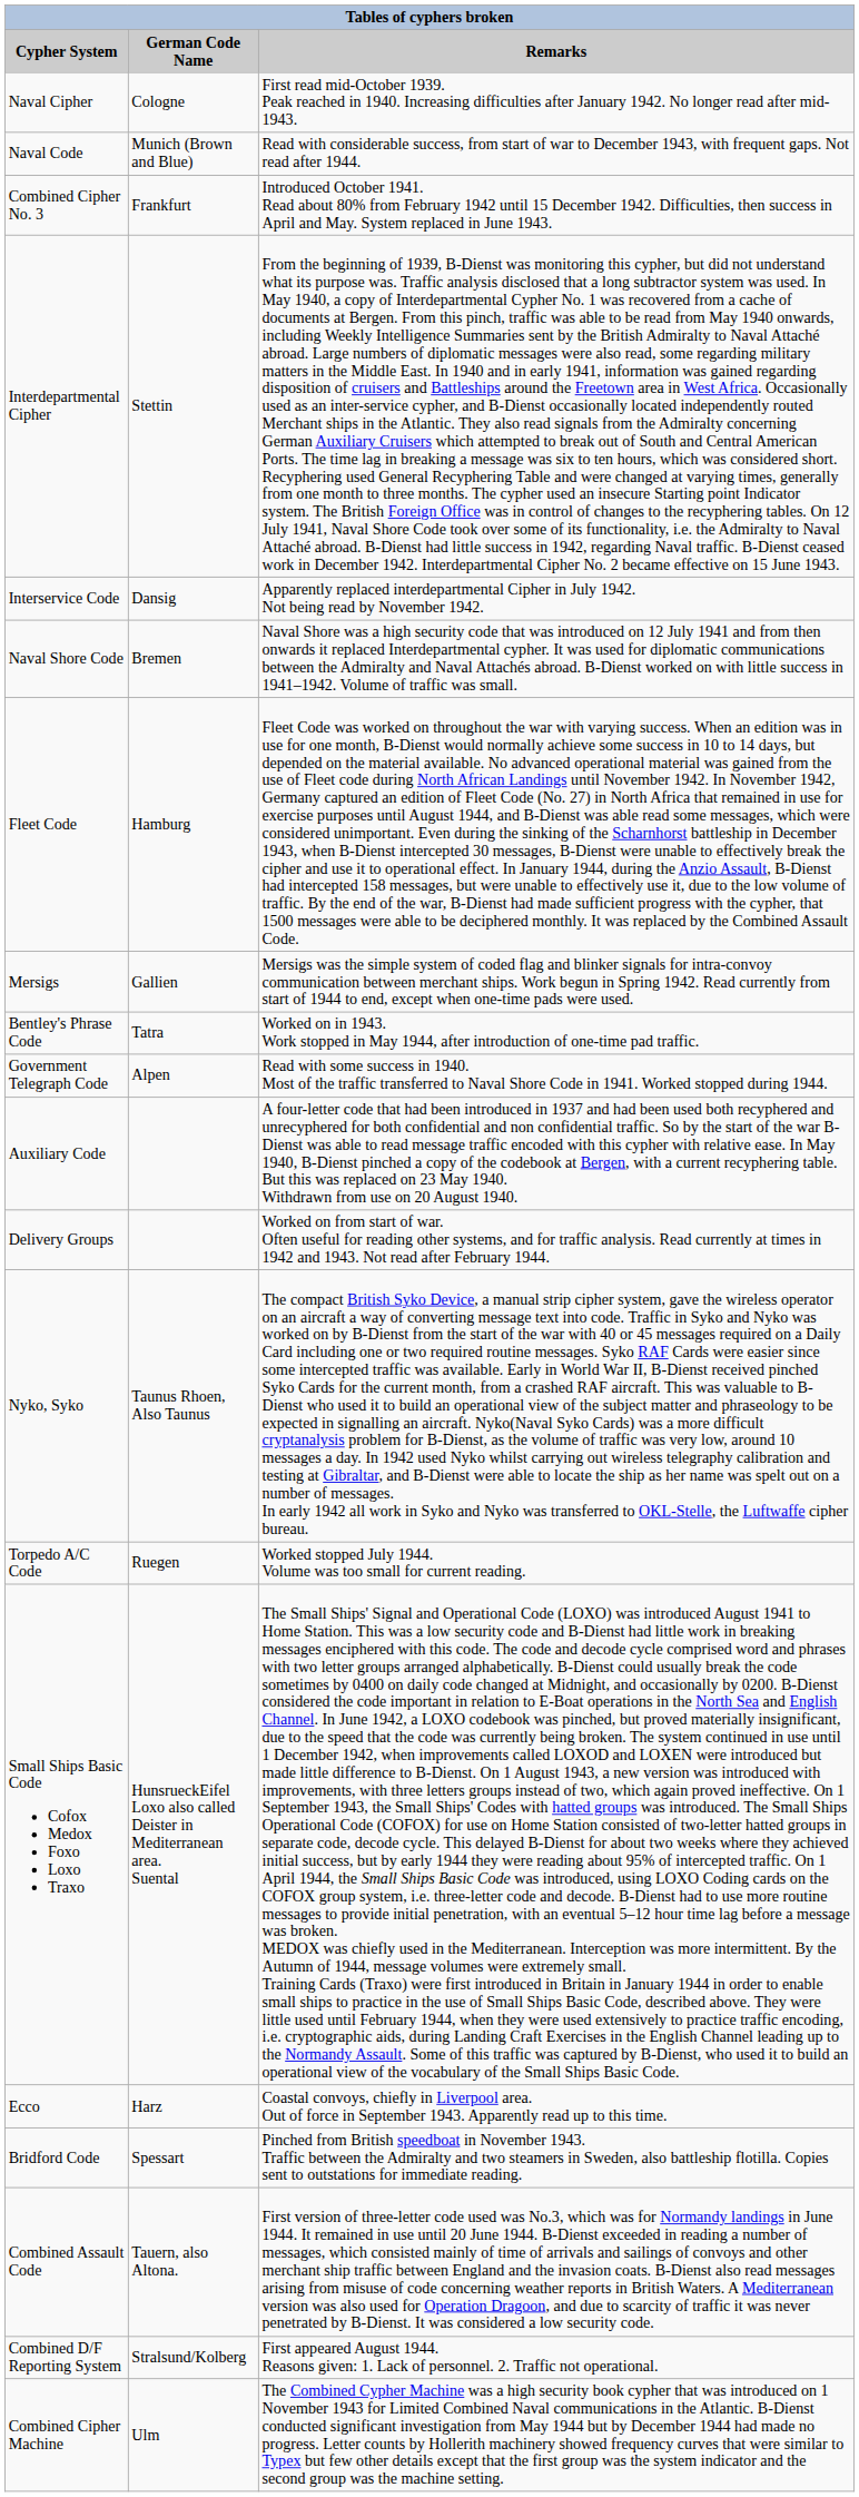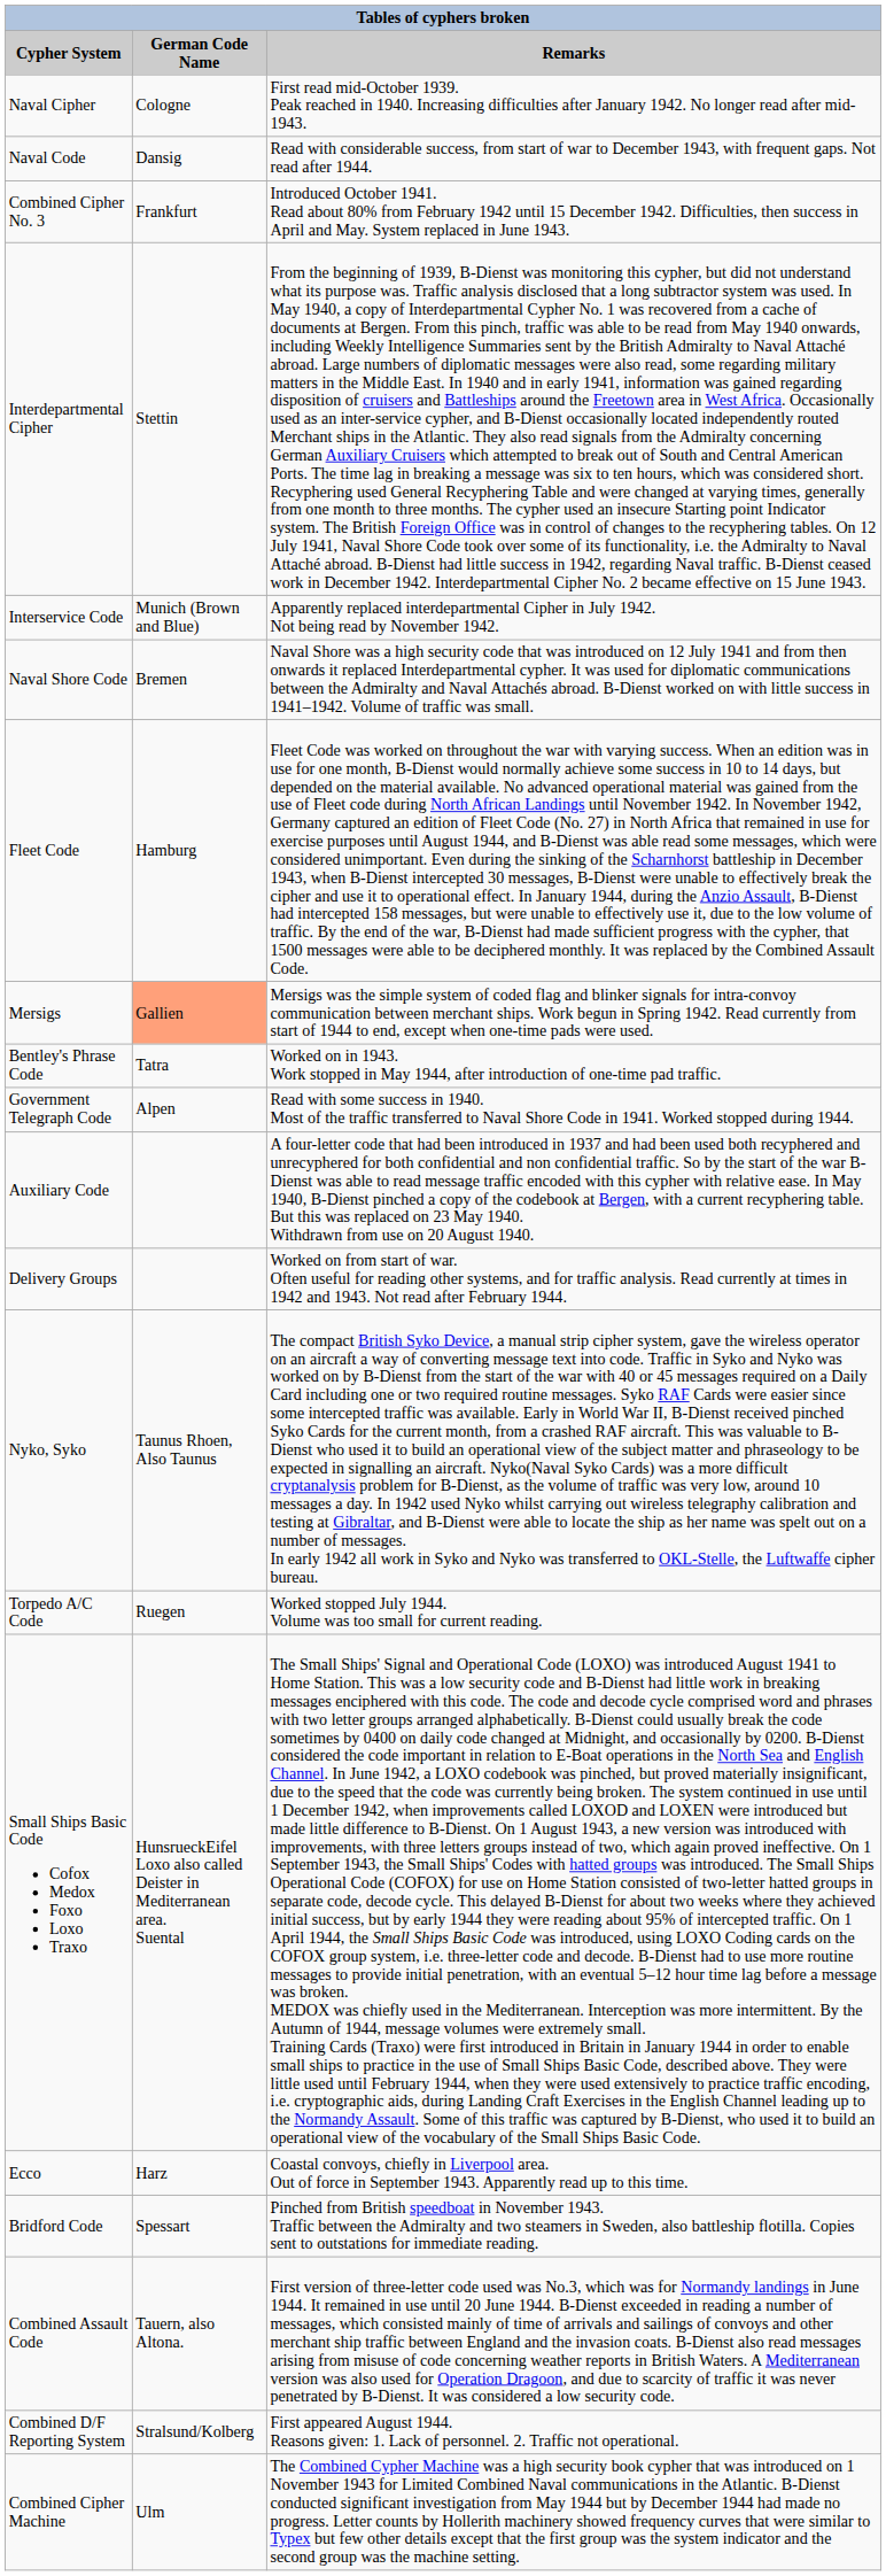 <table class="wikitable">
 <tr>
 <th colspan=5 style="background:LightSteelBlue"><strong>Tables of cyphers broken</strong></th>
 </tr>
 <tr>
 <th style="text-align: center;background:#ccc">Cypher System</th>
 <th style="text-align: center;background:#ccc">German Code Name</th>
 <th style="text-align: center;background:#ccc">Remarks</th>
 </tr>
 <tr>
 <td>Naval Cipher</td>
 <td>Cologne</td>
 <td>First read mid-October 1939.<br>Peak reached in 1940. Increasing difficulties after January 1942. No longer read after mid-1943.</td>
 </tr>
 <tr>
 <td>Naval Code</td>
-<td>Munich (Brown and Blue)</td>
+<td>Dansig</td>
 <td>Read with considerable success, from start of war to December 1943, with frequent gaps. Not read after 1944.</td>
 </tr>
 <tr>
 <td>Combined Cipher No. 3</td>
 <td>Frankfurt</td>
 <td>Introduced October 1941.<br>Read about 80% from February 1942 until 15 December 1942. Difficulties, then success in April and May. System replaced in June 1943.</td>
 </tr>
 <tr>
 <td>Interdepartmental Cipher</td>
 <td>Stettin</td>
 <td><br>From the beginning of 1939, B-Dienst was monitoring this cypher, but did not understand what its purpose was. Traffic analysis disclosed that a long subtractor system was used. In May 1940, a copy of Interdepartmental Cypher No. 1 was recovered from a cache of documents at Bergen. From this pinch, traffic was able to be read from May 1940 onwards, including Weekly Intelligence Summaries sent by the British Admiralty to Naval Attaché abroad. Large numbers of diplomatic messages were also read, some regarding military matters in the Middle East. In 1940 and in early 1941, information was gained regarding disposition of <a href='#'>cruisers</a> and <a href='#'>Battleships</a> around the <a href='#'>Freetown</a> area in <a href='#'>West Africa</a>. Occasionally used as an inter-service cypher, and B-Dienst occasionally located independently routed Merchant ships in the Atlantic. They also read signals from the Admiralty concerning German <a href='#'>Auxiliary Cruisers</a> which attempted to break out of South and Central American Ports. The time lag in breaking a message was six to ten hours, which was considered short. Recyphering used General Recyphering Table and were changed at varying times, generally from one month to three months. The cypher used an insecure Starting point Indicator system. The British <a href='#'>Foreign Office</a> was in control of changes to the recyphering tables. On 12 July 1941, Naval Shore Code took over some of its functionality, i.e. the Admiralty to Naval Attaché abroad. B-Dienst had little success in 1942, regarding Naval traffic. B-Dienst ceased work in December 1942. Interdepartmental Cipher No. 2 became effective on 15 June 1943.</td>
 </tr>
 <tr>
 <td>Interservice Code</td>
-<td>Dansig</td>
+<td>Munich (Brown and Blue)</td>
 <td>Apparently replaced interdepartmental Cipher in July 1942.<br>Not being read by November 1942.</td>
 </tr>
 <tr>
 <td>Naval Shore Code</td>
 <td>Bremen</td>
 <td>Naval Shore was a high security code that was introduced on 12 July 1941 and from then onwards it replaced Interdepartmental cypher. It was used for diplomatic communications between the Admiralty and Naval Attachés abroad. B-Dienst worked on with little success in 1941–1942. Volume of traffic was small.</td>
 </tr>
 <tr>
 <td>Fleet Code</td>
 <td>Hamburg</td>
 <td><br>Fleet Code was worked on throughout the war with varying success. When an edition was in use for one month, B-Dienst would normally achieve some success in 10 to 14 days, but depended on the material available. No advanced operational material was gained from the use of Fleet code during <a href='#'>North African Landings</a> until November 1942. In November 1942, Germany captured an edition of Fleet Code (No. 27) in North Africa that remained in use for exercise purposes until August 1944, and B-Dienst was able read some messages, which were considered unimportant. Even during the sinking of the <a href='#'>Scharnhorst</a> battleship in December 1943, when B-Dienst intercepted 30 messages, B-Dienst were unable to effectively break the cipher and use it to operational effect. In January 1944, during the <a href='#'>Anzio Assault</a>, B-Dienst had intercepted 158 messages, but were unable to effectively use it, due to the low volume of traffic. By the end of the war, B-Dienst had made sufficient progress with the cypher, that 1500 messages were able to be deciphered monthly. It was replaced by the Combined Assault Code.</td>
 </tr>
 <tr>
 <td>Mersigs</td>
-<td>Gallien</td>
+<td style="background: lightsalmon;">Gallien</td>
 <td>Mersigs was the simple system of coded flag and blinker signals for intra-convoy communication between merchant ships. Work begun in Spring 1942. Read currently from start of 1944 to end, except when one-time pads were used.</td>
 </tr>
 <tr>
 <td>Bentley's Phrase Code</td>
 <td>Tatra</td>
 <td>Worked on in 1943.<br>Work stopped in May 1944, after introduction of one-time pad traffic.</td>
 </tr>
 <tr>
 <td>Government Telegraph Code</td>
 <td>Alpen</td>
 <td>Read with some success in 1940.<br>Most of the traffic transferred to Naval Shore Code in 1941. Worked stopped during 1944.</td>
 </tr>
 <tr>
 <td>Auxiliary Code</td>
 <td></td>
 <td>A four-letter code that had been introduced in 1937 and had been used both recyphered and unrecyphered for both confidential and non confidential traffic. So by the start of the war B-Dienst was able to read message traffic encoded with this cypher with relative ease. In May 1940, B-Dienst pinched a copy of the codebook at <a href='#'>Bergen</a>, with a current recyphering table. But this was replaced on 23 May 1940.<br>Withdrawn from use on 20 August 1940.</td>
 </tr>
 <tr>
 <td>Delivery Groups</td>
 <td></td>
 <td>Worked on from start of war.<br>Often useful for reading other systems, and for traffic analysis.  Read currently at times in 1942 and 1943. Not read after February 1944.</td>
 </tr>
 <tr>
 <td>Nyko, Syko</td>
 <td>Taunus Rhoen,<br>Also Taunus</td>
 <td><br>The compact <a href='#'>British Syko Device</a>, a manual strip cipher system, gave the wireless operator on an aircraft a way of converting message text into code. Traffic in Syko and Nyko was worked on by B-Dienst from the start of the war with 40 or 45 messages required on a Daily Card including one or two required routine messages. Syko <a href='#'>RAF</a> Cards were easier since some intercepted traffic was available. Early in World War II, B-Dienst received pinched Syko Cards for the current month, from a crashed RAF aircraft. This was valuable to B-Dienst who used it to build an operational view of the subject matter and phraseology to be expected in signalling an aircraft. Nyko(Naval Syko Cards) was a more difficult <a href='#'>cryptanalysis</a> problem for B-Dienst, as the volume of traffic was very low, around 10 messages a day. In 1942  used Nyko whilst carrying out wireless telegraphy calibration and testing at <a href='#'>Gibraltar</a>, and B-Dienst were able to locate the ship as her name was spelt out on a number of messages.<br>In early 1942 all work in Syko and Nyko was transferred to <a href='#'>OKL-Stelle</a>, the <a href='#'>Luftwaffe</a> cipher bureau.</td>
 </tr>
 <tr>
 <td>Torpedo A/C Code</td>
 <td>Ruegen</td>
 <td>Worked stopped July 1944.<br>Volume was too small for current reading.</td>
 </tr>
 <tr>
 <td>Small Ships Basic Code<br><ul><li>Cofox</li><li>Medox</li><li>Foxo</li><li>Loxo</li><li>Traxo</li></ul></td>
 <td>HunsrueckEifel<br>Loxo also called Deister in Mediterranean area.<br>Suental</td>
 <td><br>The Small Ships' Signal and Operational Code (LOXO) was introduced August 1941 to Home Station. This was a low security code and B-Dienst had little work in breaking messages enciphered with this code. The code and decode cycle comprised word and phrases with two letter groups arranged alphabetically. B-Dienst could usually break the code sometimes by 0400 on daily code changed at Midnight, and occasionally by 0200. B-Dienst considered the code important in relation to E-Boat operations in the <a href='#'>North Sea</a> and <a href='#'>English Channel</a>. In June 1942, a LOXO codebook was pinched, but proved materially insignificant, due to the speed that the code was currently being broken. The system continued in use until 1 December 1942, when improvements called LOXOD and LOXEN were introduced but made little difference to B-Dienst. On 1 August 1943, a new version was introduced with improvements, with three letters groups instead of two, which again proved ineffective. On 1 September 1943, the Small Ships' Codes with <a href='#'>hatted groups</a> was introduced. The Small Ships Operational Code (COFOX) for use on Home Station consisted of two-letter hatted groups in separate code, decode cycle. This delayed B-Dienst for about two weeks where they achieved initial success, but by early 1944 they were reading about 95% of intercepted traffic. On 1 April 1944, the <em>Small Ships Basic Code</em> was introduced, using LOXO Coding cards on the COFOX group system, i.e. three-letter code and decode. B-Dienst had to use more routine messages to provide initial penetration, with an eventual 5–12 hour time lag before a message was broken.<br>MEDOX was chiefly used in the Mediterranean. Interception was more intermittent. By the Autumn of 1944, message volumes were extremely small.<br>Training Cards (Traxo) were first introduced in Britain in January 1944 in order to enable small ships to practice in the use of Small Ships Basic Code, described above. They were little used until February 1944, when they were used extensively to practice traffic encoding, i.e. cryptographic aids, during Landing Craft Exercises in the English Channel leading up to the <a href='#'>Normandy Assault</a>. Some of this traffic was captured by B-Dienst, who used it to build an operational view of the vocabulary of the Small Ships Basic Code.</td>
 </tr>
 <tr>
 <td>Ecco</td>
 <td>Harz</td>
 <td>Coastal convoys, chiefly in <a href='#'>Liverpool</a> area.<br>Out of force in September 1943. Apparently read up to this time.</td>
 </tr>
 <tr>
 <td>Bridford Code</td>
 <td>Spessart</td>
 <td>Pinched from British <a href='#'>speedboat</a> in November 1943.<br>Traffic between the Admiralty and two steamers in Sweden, also battleship flotilla.  Copies sent to outstations for immediate reading.</td>
 </tr>
 <tr>
 <td>Combined Assault Code</td>
 <td>Tauern, also Altona.</td>
 <td><br>First version of three-letter code used was No.3, which was for <a href='#'>Normandy landings</a> in June 1944. It remained in use until 20 June 1944. B-Dienst exceeded in reading a number of messages, which consisted mainly of time of arrivals and sailings of convoys and other merchant ship traffic between England and the invasion coats. B-Dienst also read messages arising from misuse of code concerning weather reports in British Waters. A <a href='#'>Mediterranean</a> version was also used for <a href='#'>Operation Dragoon</a>, and due to scarcity of traffic it was never penetrated by B-Dienst. It was considered a low security code.</td>
 </tr>
 <tr>
 <td>Combined D/F Reporting System</td>
 <td>Stralsund/Kolberg</td>
 <td>First appeared August 1944.<br>Reasons given:  1. Lack of personnel.  2. Traffic not operational.</td>
 </tr>
 <tr>
 <td>Combined Cipher Machine</td>
 <td>Ulm</td>
 <td>The <a href='#'>Combined Cypher Machine</a> was a high security book cypher that was introduced on 1 November 1943 for Limited Combined Naval communications in the Atlantic. B-Dienst conducted significant investigation from May 1944 but by December 1944 had made no progress. Letter counts by Hollerith machinery showed frequency curves that were similar to <a href='#'>Typex</a> but few other details except that the first group was the system indicator and the second group was the machine setting.</td>
 </tr>
 </table>
